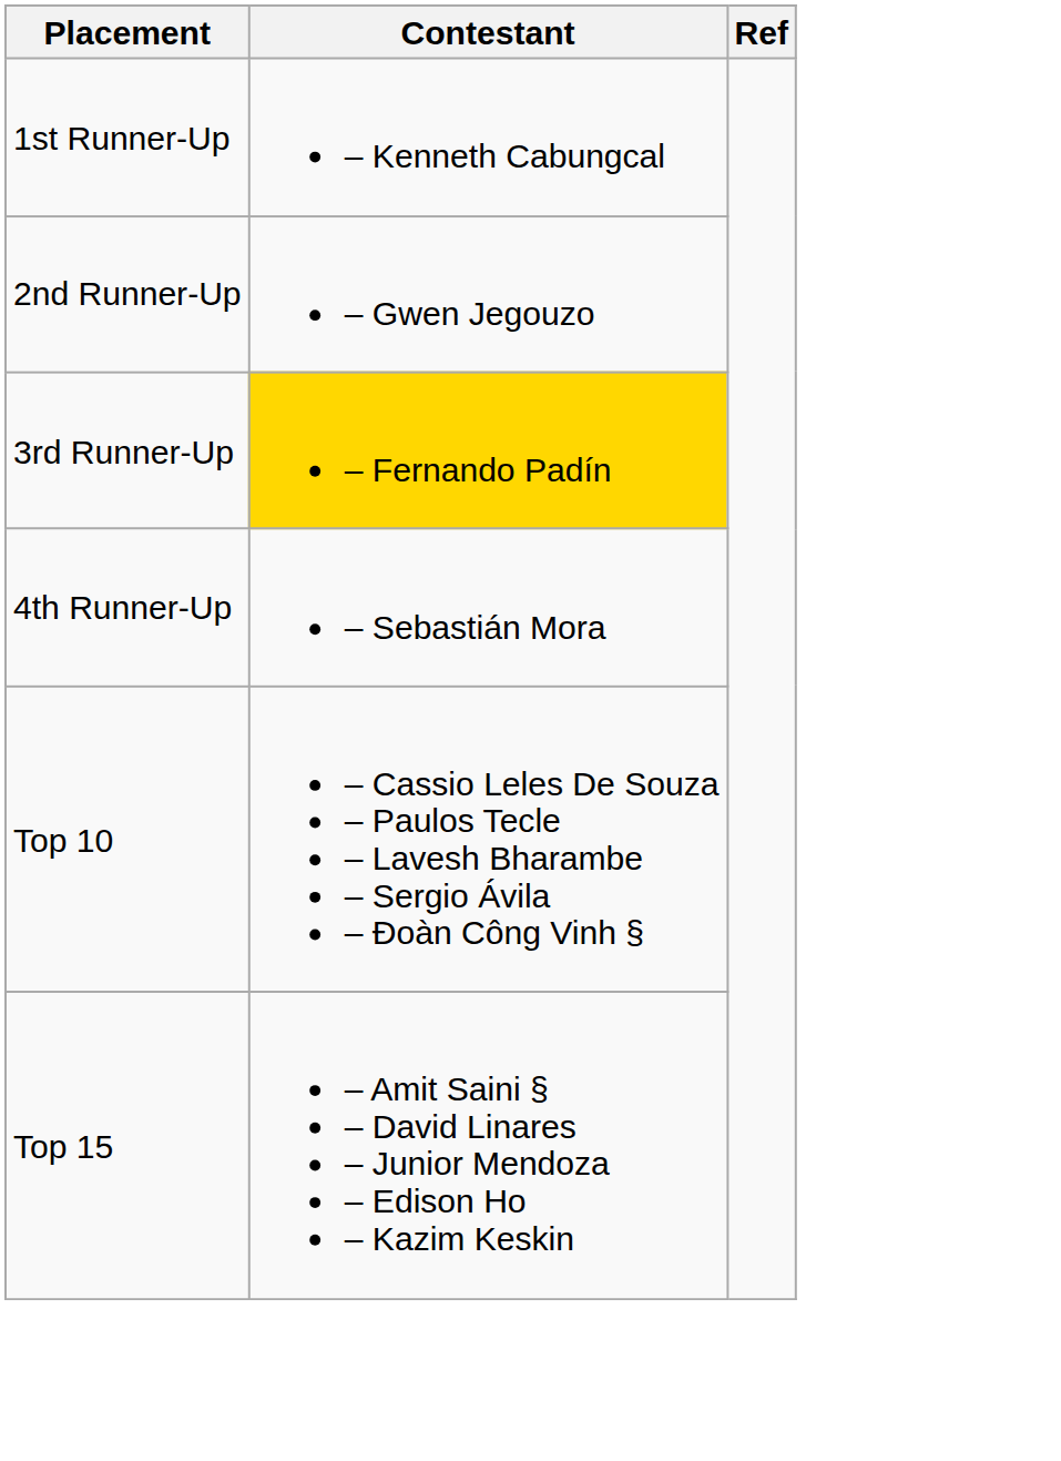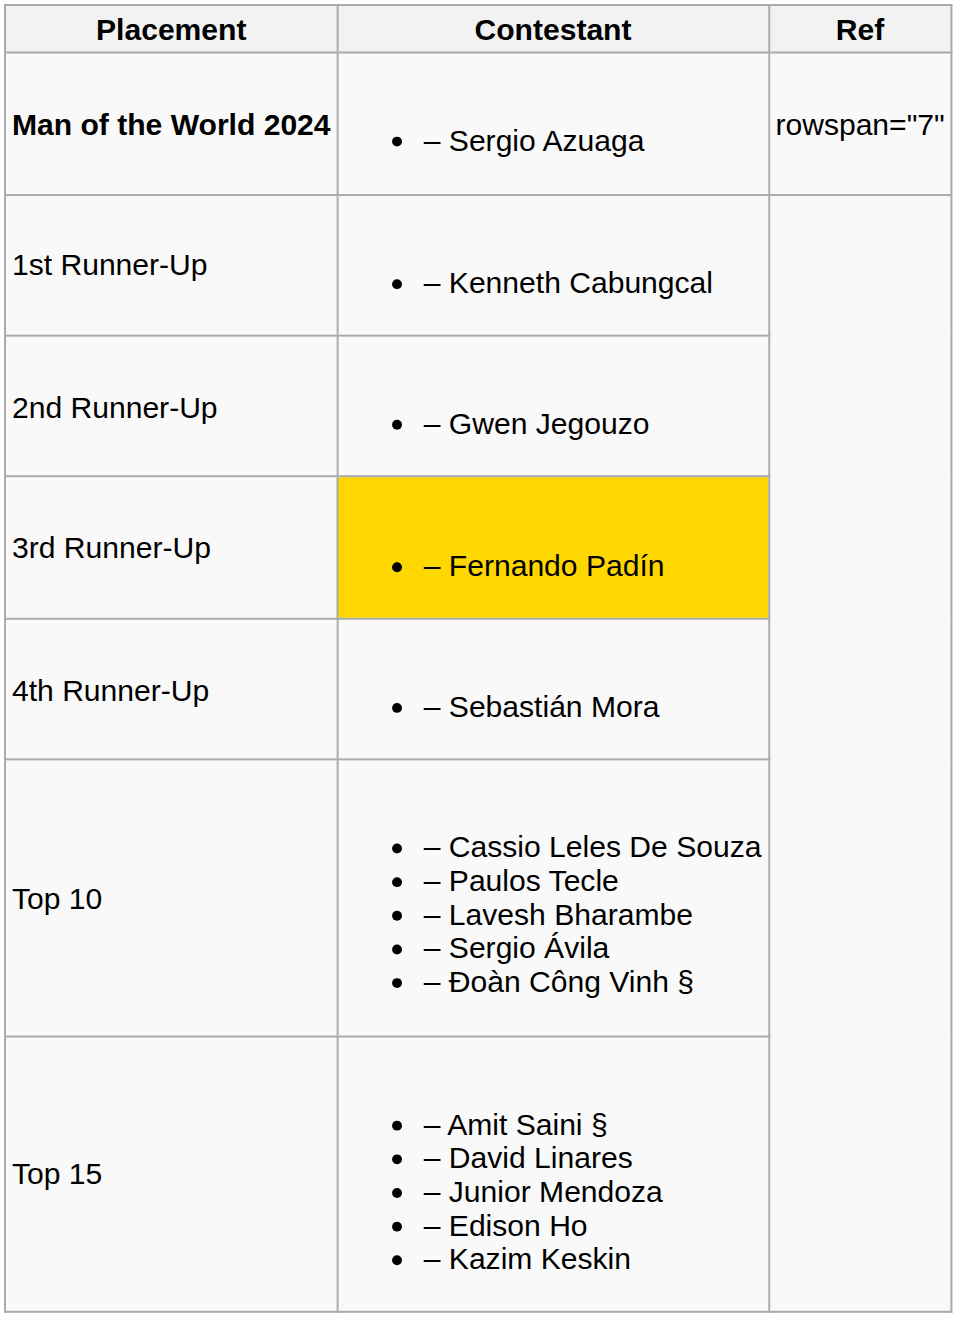 <table class="wikitable sortable" style="font-size: 95%;">
 <tr>
 <th>Placement</th>
 <th>Contestant</th>
 <th>Ref</th>
+</tr>
+<tr>
+<td><strong>Man of the World 2024</strong></td>
+<td><br><ul><li> – Sergio Azuaga</li></ul></td>
+<td>rowspan="7" </td>
 </tr>
 <tr>
 <td>1st Runner-Up</td>
 <td><br><ul><li> – Kenneth Cabungcal</li></ul></td>
 </tr>
 <tr>
 <td>2nd Runner-Up</td>
 <td><br><ul><li> – Gwen Jegouzo</li></ul></td>
 </tr>
 <tr>
 <td>3rd Runner-Up</td>
 <td style="background: gold;"><br><ul><li> – Fernando Padín</li></ul></td>
 </tr>
 <tr>
 <td>4th Runner-Up</td>
 <td><br><ul><li> – Sebastián Mora</li></ul></td>
 </tr>
 <tr>
 <td>Top 10</td>
 <td><br><ul><li> – Cassio Leles De Souza</li><li> – Paulos Tecle</li><li> – Lavesh Bharambe</li><li> – Sergio Ávila</li><li> – Đoàn Công Vinh §</li></ul></td>
 </tr>
 <tr>
 <td>Top 15</td>
 <td><br><ul><li> – Amit Saini §</li><li> – David Linares</li><li> – Junior Mendoza</li><li> – Edison Ho</li><li> – Kazim Keskin</li></ul></td>
 </tr>
 </table>
